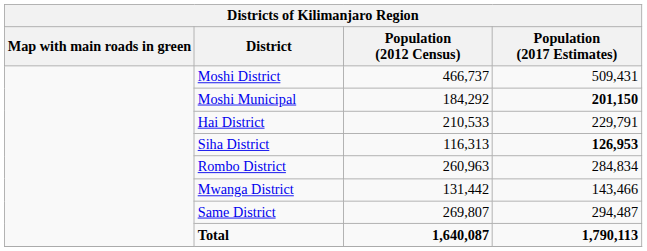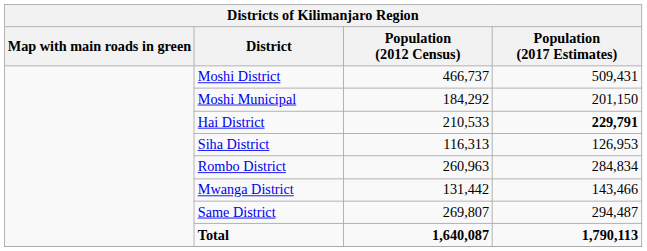 <table class="wikitable">
 <tr>
 <th colspan="7">Districts of Kilimanjaro Region</th>
 </tr>
 <tr style="text-align:center;">
 <th>Map with main roads in green</th>
 <th style="width: 10em">District</th>
 <th style="width: 10em">Population<br>(2012 Census)</th>
 <th style="width: 10em">Population<br>(2017 Estimates)</th>
 </tr>
 <tr>
 <td rowspan="8"><br></td>
 <td><a href='#'>Moshi District</a></td>
 <td style="text-align:right;">466,737</td>
 <td style="text-align:right;">509,431</td>
 </tr>
 <tr>
 <td><a href='#'>Moshi Municipal</a></td>
 <td style="text-align:right;">184,292</td>
-<td style="text-align:right;"><strong>201,150</strong></td>
+<td style="text-align:right;">201,150</td>
 </tr>
 <tr>
 <td><a href='#'>Hai District</a></td>
 <td style="text-align:right;">210,533</td>
-<td style="text-align:right;">229,791</td>
+<td style="text-align:right;"><strong>229,791</strong></td>
 </tr>
 <tr>
 <td><a href='#'>Siha District</a></td>
 <td style="text-align:right;">116,313</td>
-<td style="text-align:right;"><strong>126,953</strong></td>
+<td style="text-align:right;">126,953</td>
 </tr>
 <tr>
 <td><a href='#'>Rombo District</a></td>
 <td style="text-align:right;">260,963</td>
 <td style="text-align:right;">284,834</td>
 </tr>
 <tr>
 <td><a href='#'>Mwanga District</a></td>
 <td style="text-align:right;">131,442</td>
 <td style="text-align:right;">143,466</td>
 </tr>
 <tr>
 <td><a href='#'>Same District</a></td>
 <td style="text-align:right;">269,807</td>
 <td style="text-align:right;">294,487</td>
 </tr>
 <tr>
 <td><strong>Total</strong></td>
 <td style="text-align:right;"><strong>1,640,087</strong></td>
 <td style="text-align:right;"><strong>1,790,113</strong></td>
 </tr>
 <tr>
 </tr>
 </table>
